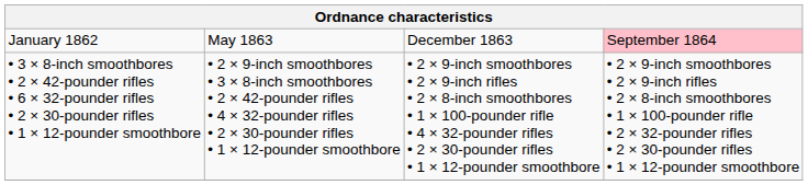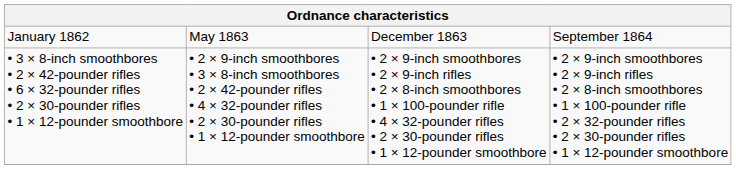 <table class="wikitable" style="font-size:97%;">
 <tr>
 <th colspan="4">Ordnance characteristics</th>
 </tr>
 <tr>
 <td>January 1862</td>
 <td>May 1863</td>
 <td>December 1863</td>
-<td style="background: pink;">September 1864</td>
+<td>September 1864</td>
 </tr>
 <tr>
 <td valign=top>• 3 × 8-inch smoothbores<br>• 2 × 42-pounder rifles<br>• 6 × 32-pounder rifles<br>• 2 × 30-pounder rifles<br>• 1 × 12-pounder smoothbore<br></td>
 <td valign=top>• 2 × 9-inch smoothbores<br>• 3 × 8-inch smoothbores<br>• 2 × 42-pounder rifles<br>• 4 × 32-pounder rifles<br>• 2 × 30-pounder rifles<br>• 1 × 12-pounder smoothbore<br></td>
 <td valign=top>• 2 × 9-inch smoothbores<br>• 2 × 9-inch rifles<br>• 2 × 8-inch smoothbores<br>• 1 × 100-pounder rifle<br>• 4 × 32-pounder rifles<br>• 2 × 30-pounder rifles<br>• 1 × 12-pounder smoothbore<br></td>
 <td valign=top>• 2 × 9-inch smoothbores<br>• 2 × 9-inch rifles<br>• 2 × 8-inch smoothbores<br>• 1 × 100-pounder rifle<br>• 2 × 32-pounder rifles<br>• 2 × 30-pounder rifles<br>• 1 × 12-pounder smoothbore<br></td>
 </tr>
 <tr>
 </tr>
 </table>
